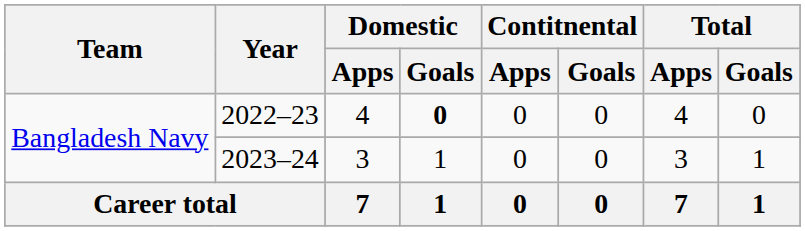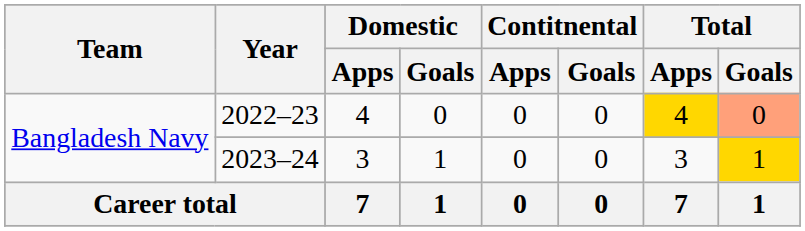 <table class="wikitable" style="text-align:center;">
 <tr>
 <th rowspan=2>Team</th>
 <th rowspan=2>Year</th>
 <th colspan=2>Domestic</th>
 <th colspan=2>Contitnental</th>
 <th colspan=2>Total</th>
 </tr>
 <tr>
 <th>Apps</th>
 <th>Goals</th>
 <th>Apps</th>
 <th>Goals</th>
 <th>Apps</th>
 <th>Goals</th>
 </tr>
 <tr>
 <td rowspan=2><a href='#'>Bangladesh Navy</a></td>
 <td>2022–23</td>
 <td>4</td>
-<td><strong>0</strong></td>
 <td>0</td>
 <td>0</td>
-<td>4</td>
 <td>0</td>
+<td style="background: gold;">4</td>
+<td style="background: lightsalmon;">0</td>
 </tr>
 <tr>
 <td>2023–24</td>
 <td>3</td>
 <td>1</td>
 <td>0</td>
 <td>0</td>
 <td>3</td>
-<td>1</td>
+<td style="background: gold;">1</td>
 </tr>
 <tr>
 <th colspan="2">Career total</th>
 <th>7</th>
 <th>1</th>
 <th>0</th>
 <th>0</th>
 <th>7</th>
 <th>1</th>
 </tr>
 </table>
